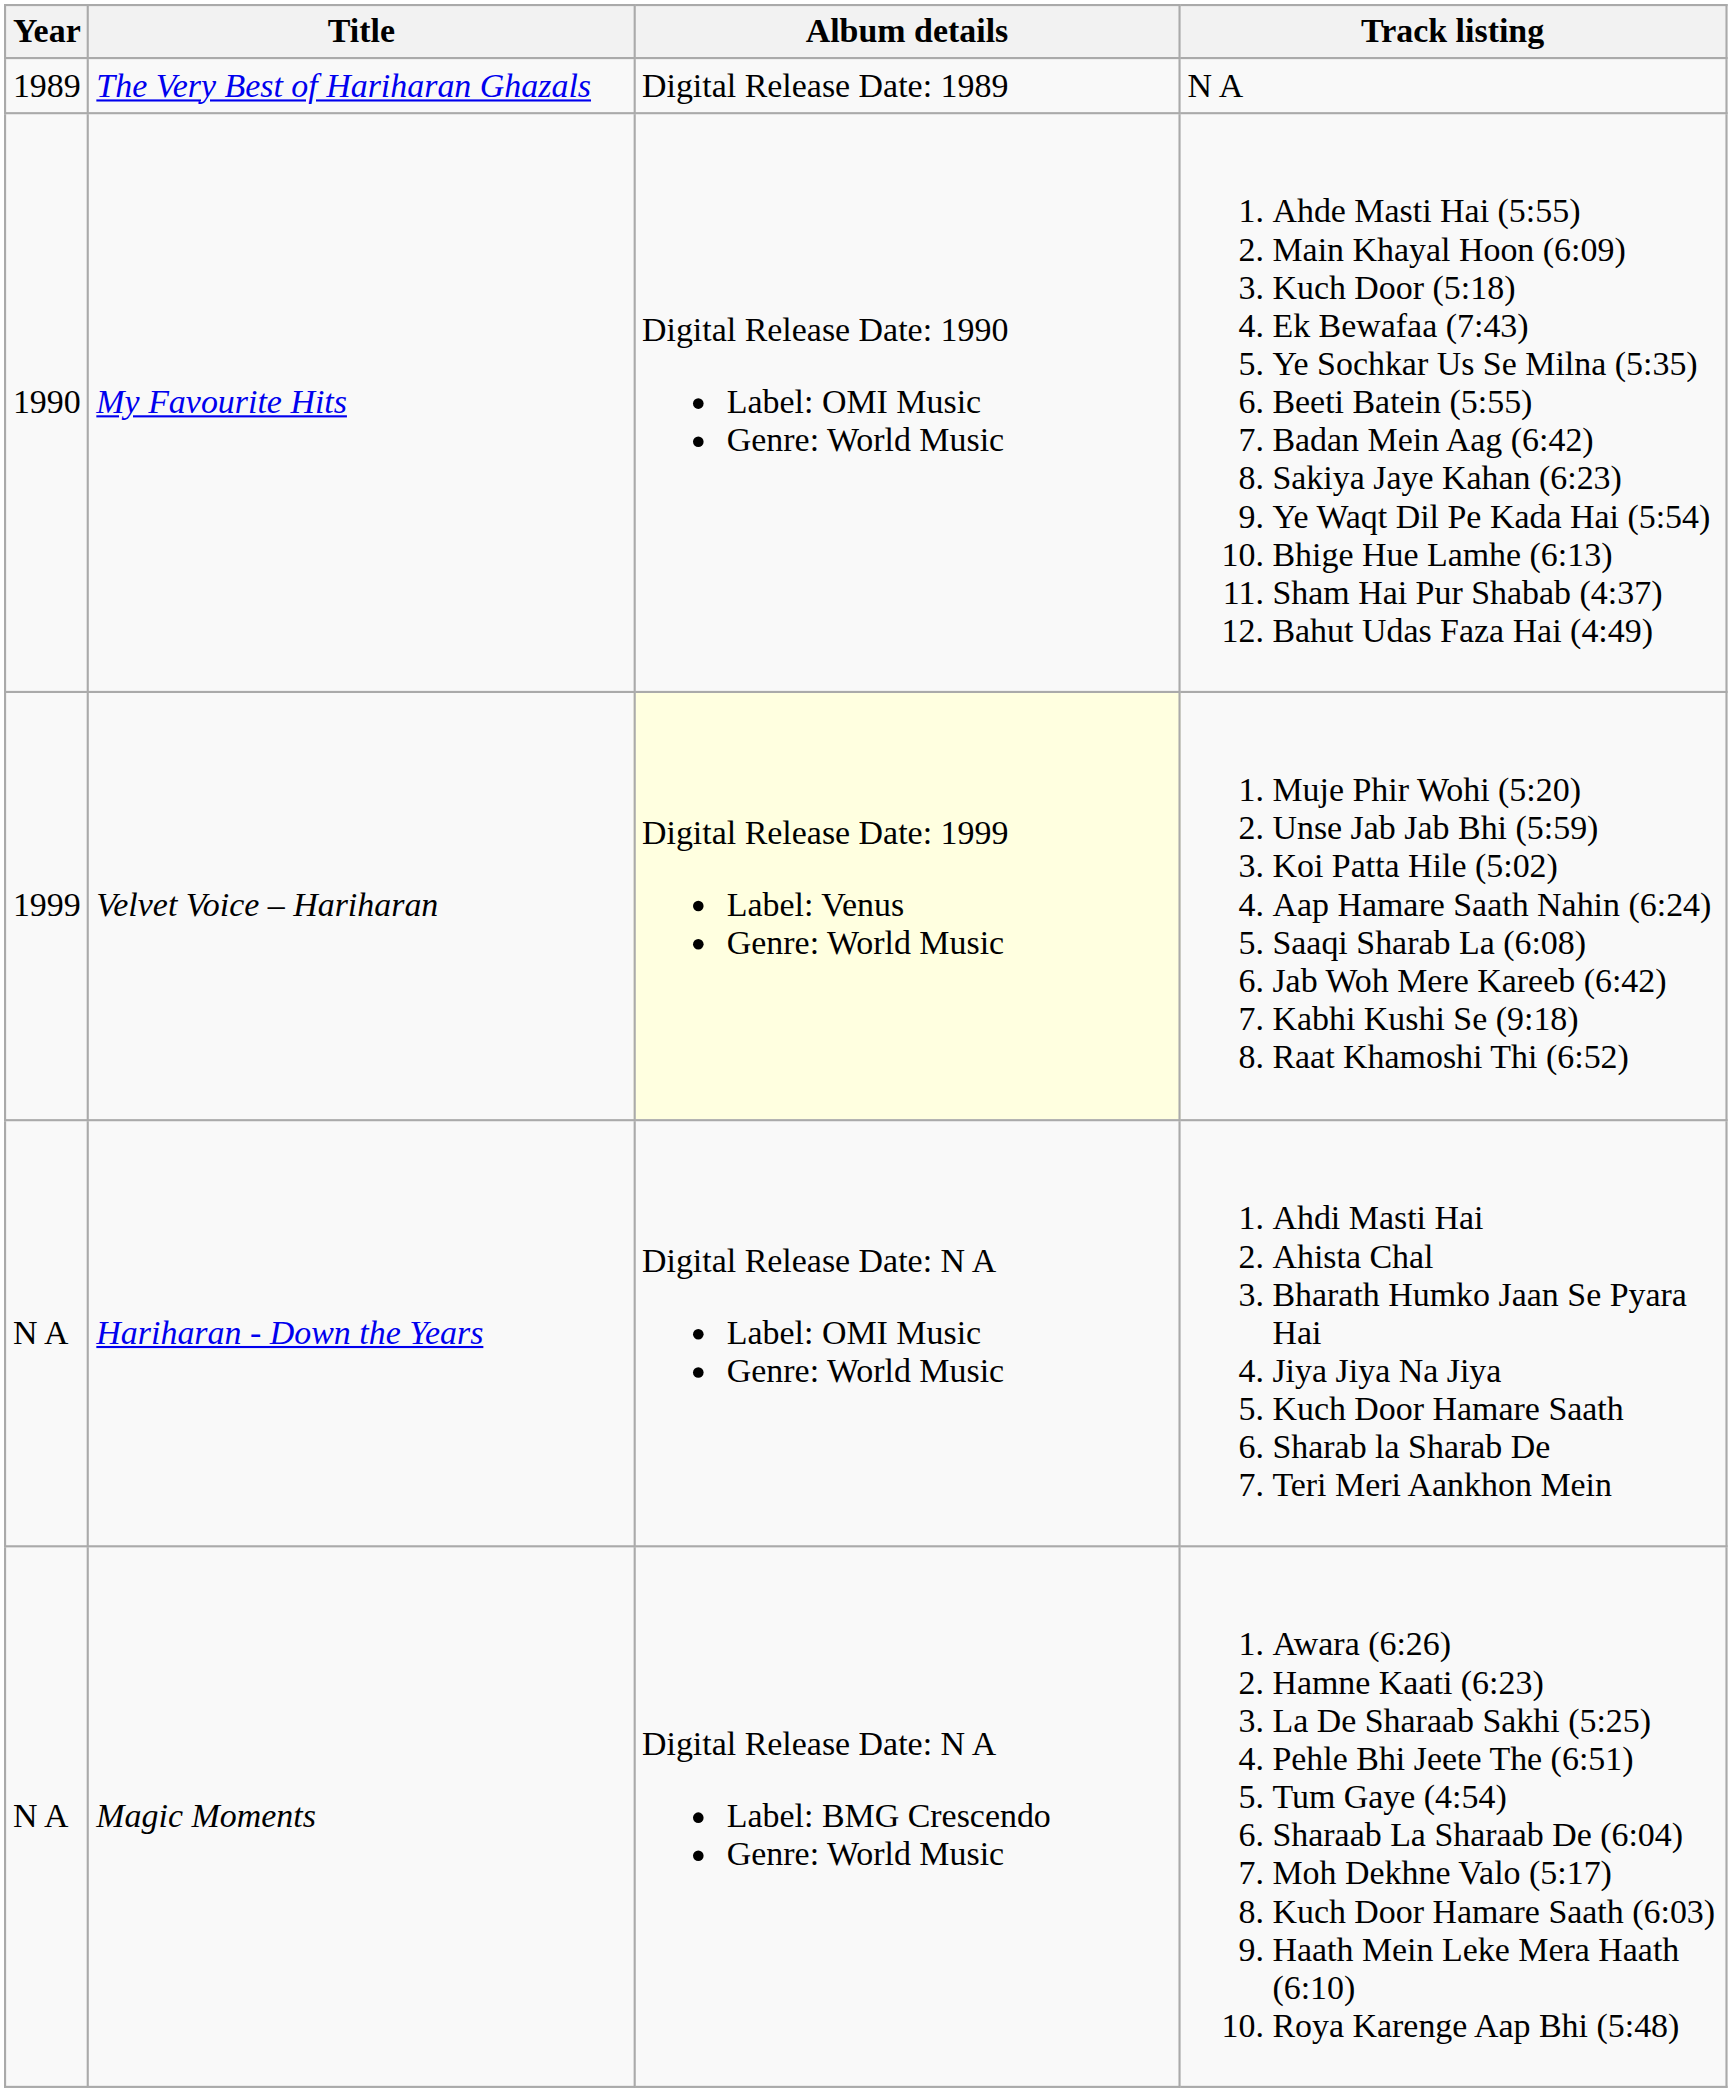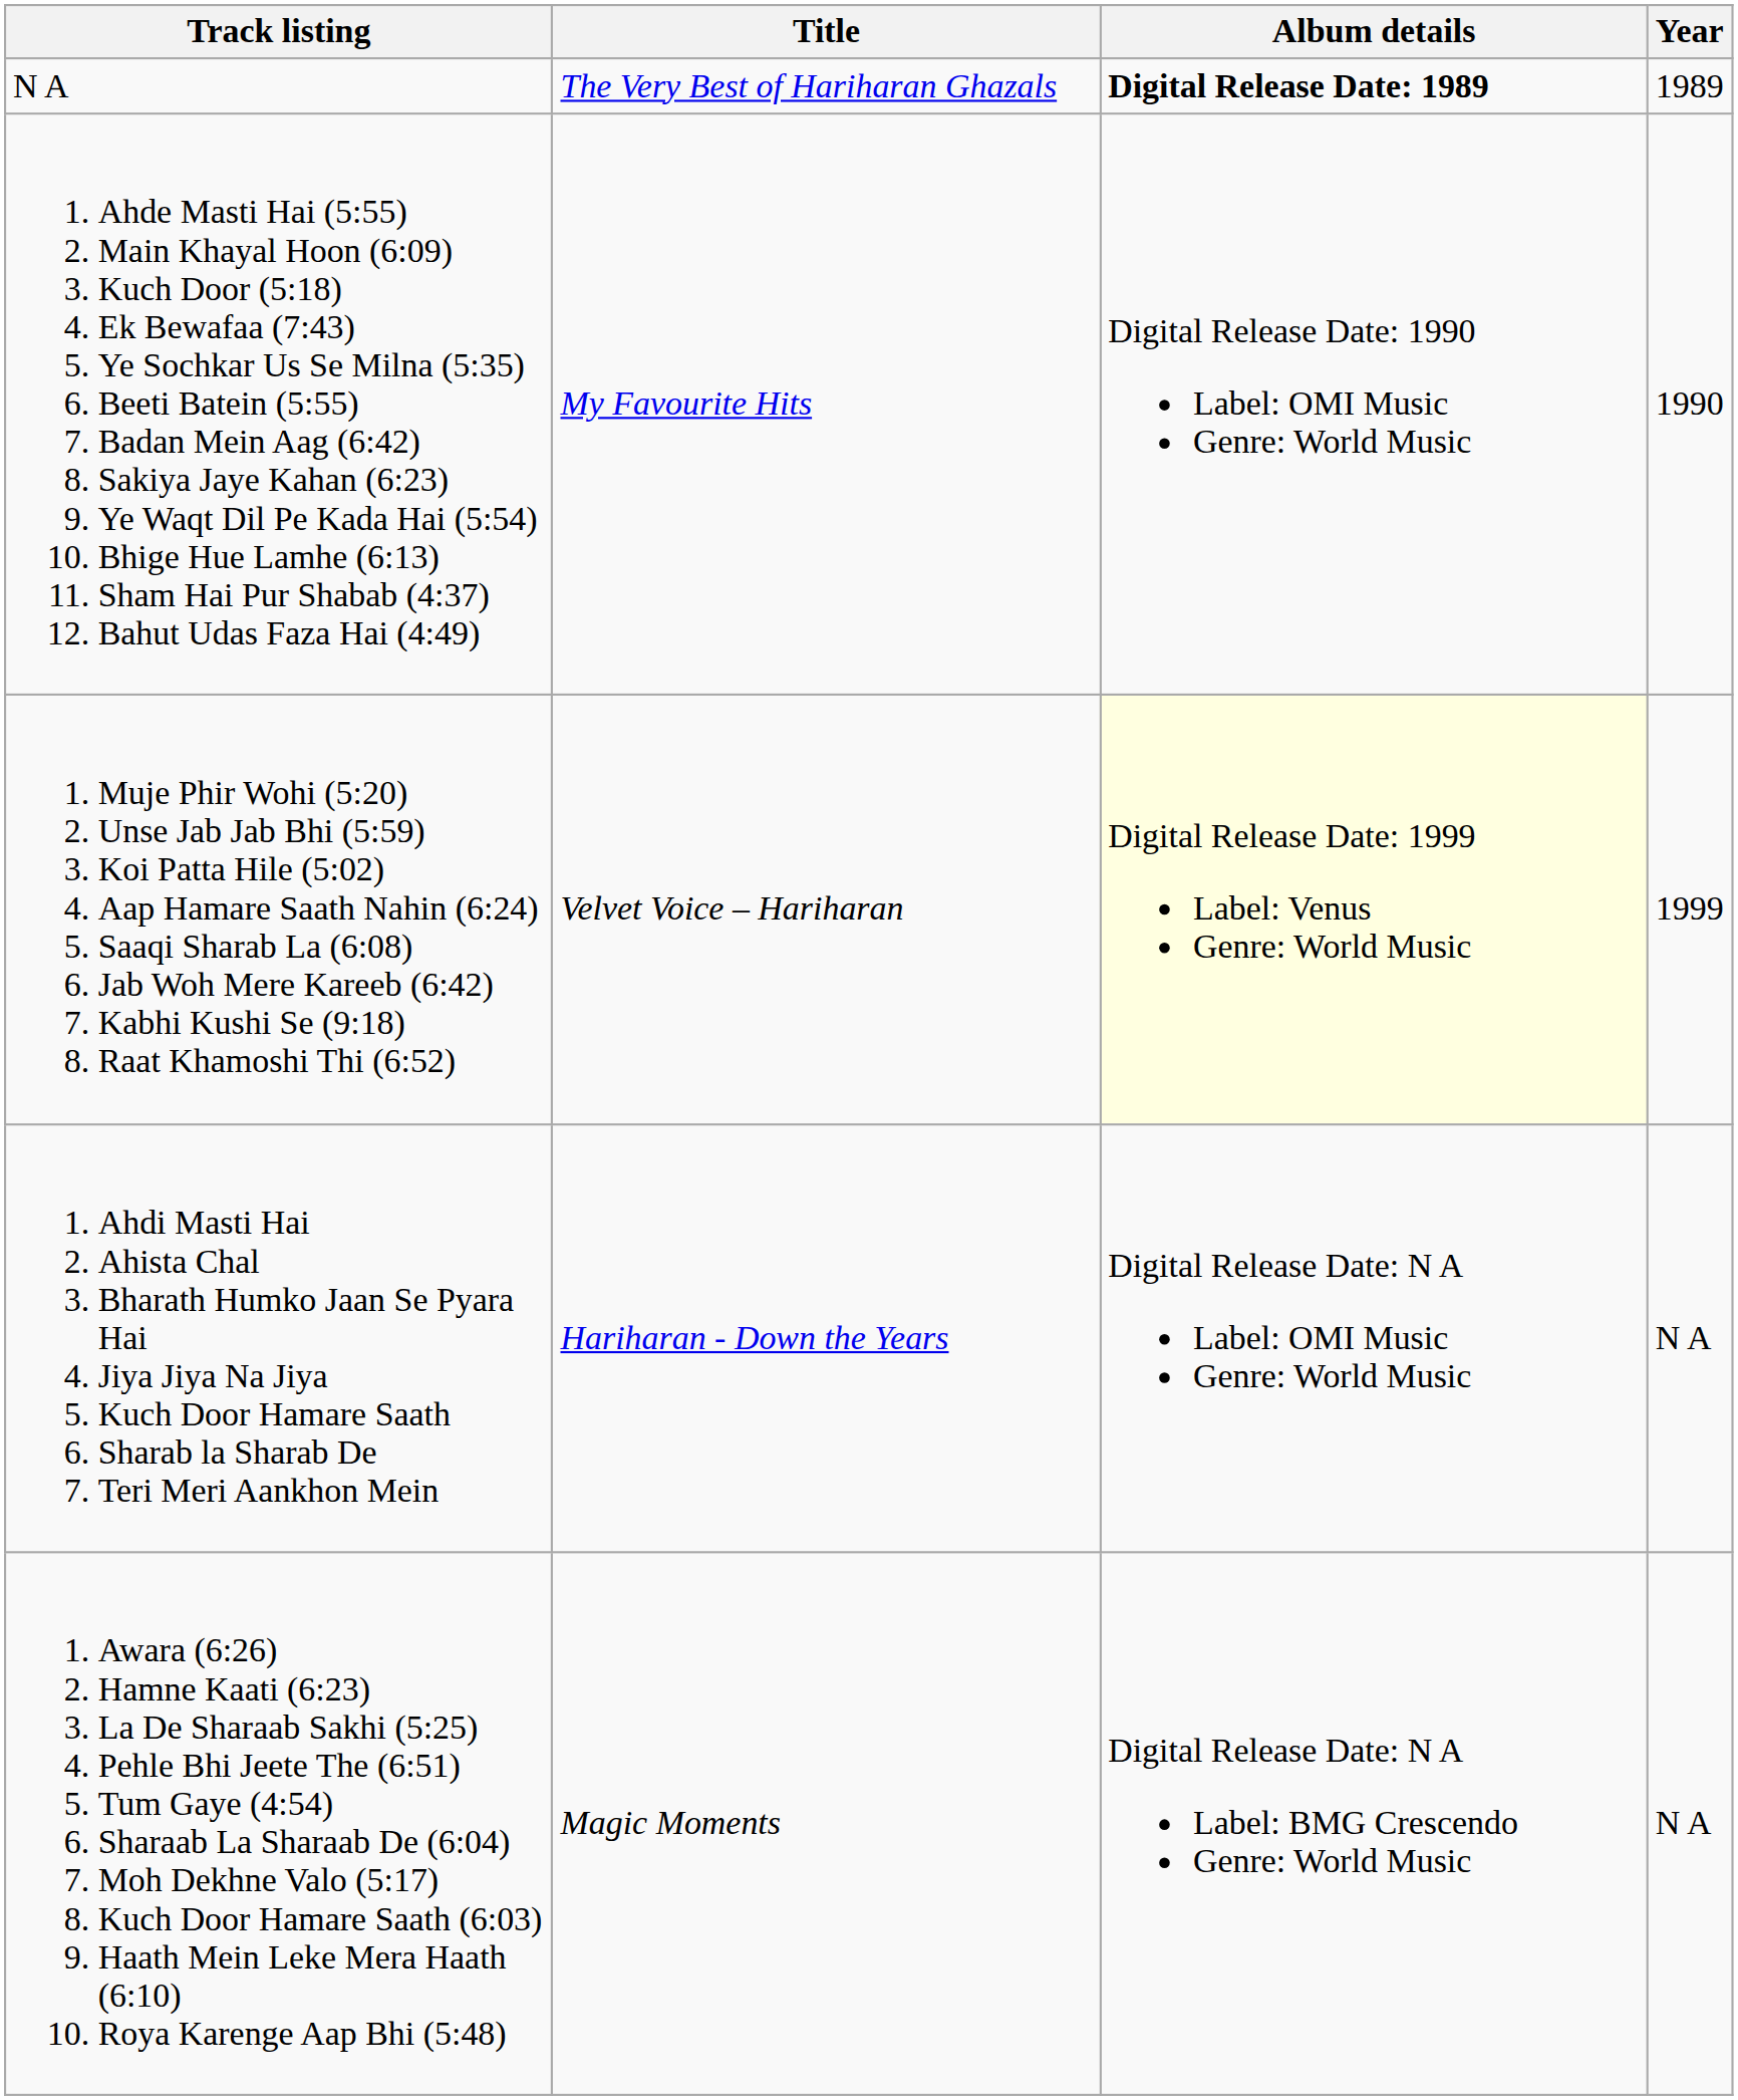 <table class="wikitable">
 <tr>
-<th rowspan="">Year</th>
+<th rowspan="" style="width:250px;">Track listing</th>
 <th rowspan="" style="width:250px;">Title</th>
 <th rowspan="" style="width:250px;">Album details</th>
-<th rowspan="" style="width:250px;">Track listing</th>
+<th rowspan="">Year</th>
 </tr>
 <tr>
+<td>N A</td>
+<td><em><a href='#'>The Very Best of Hariharan Ghazals</a></em></td>
+<td><strong>Digital Release Date: 1989</strong></td>
 <td>1989</td>
-<td><em><a href='#'>The Very Best of Hariharan Ghazals</a></em></td>
-<td>Digital Release Date: 1989</td>
+</tr>
+<tr>
+<td><br><ol><li>Ahde Masti Hai (5:55)</li><li>Main Khayal Hoon (6:09)</li><li>Kuch Door (5:18)</li><li>Ek Bewafaa (7:43)</li><li>Ye Sochkar Us Se Milna (5:35)</li><li>Beeti Batein (5:55)</li><li>Badan Mein Aag (6:42)</li><li>Sakiya Jaye Kahan (6:23)</li><li>Ye Waqt Dil Pe Kada Hai (5:54)</li><li>Bhige Hue Lamhe (6:13)</li><li>Sham Hai Pur Shabab (4:37)</li><li>Bahut Udas Faza Hai (4:49)</li></ol></td>
+<td><em><a href='#'>My Favourite Hits</a></em></td>
+<td>Digital Release Date: 1990<br><ul><li>Label: OMI Music</li><li>Genre: World Music</li></ul></td>
+<td>1990</td>
+</tr>
+<tr>
+<td><br><ol><li>Muje Phir Wohi (5:20)</li><li>Unse Jab Jab Bhi (5:59)</li><li>Koi Patta Hile (5:02)</li><li>Aap Hamare Saath Nahin (6:24)</li><li>Saaqi Sharab La (6:08)</li><li>Jab Woh Mere Kareeb (6:42)</li><li>Kabhi Kushi Se (9:18)</li><li>Raat Khamoshi Thi (6:52)</li></ol></td>
+<td><em>Velvet Voice – Hariharan</em></td>
+<td style="background: lightyellow;">Digital Release Date: 1999<br><ul><li>Label: Venus</li><li>Genre: World Music</li></ul></td>
+<td>1999</td>
+</tr>
+<tr>
+<td><br><ol><li>Ahdi Masti Hai</li><li>Ahista Chal</li><li>Bharath Humko Jaan Se Pyara Hai</li><li>Jiya Jiya Na Jiya</li><li>Kuch Door Hamare Saath</li><li>Sharab la Sharab De</li><li>Teri Meri Aankhon Mein</li></ol></td>
+<td><em><a href='#'>Hariharan - Down the Years</a></em></td>
+<td>Digital Release Date: N A<br><ul><li>Label: OMI Music</li><li>Genre: World Music</li></ul></td>
 <td>N A</td>
 </tr>
 <tr>
-<td>1990</td>
-<td><em><a href='#'>My Favourite Hits</a></em></td>
-<td>Digital Release Date: 1990<br><ul><li>Label: OMI Music</li><li>Genre: World Music</li></ul></td>
-<td><br><ol><li>Ahde Masti Hai (5:55)</li><li>Main Khayal Hoon (6:09)</li><li>Kuch Door (5:18)</li><li>Ek Bewafaa (7:43)</li><li>Ye Sochkar Us Se Milna (5:35)</li><li>Beeti Batein (5:55)</li><li>Badan Mein Aag (6:42)</li><li>Sakiya Jaye Kahan (6:23)</li><li>Ye Waqt Dil Pe Kada Hai (5:54)</li><li>Bhige Hue Lamhe (6:13)</li><li>Sham Hai Pur Shabab (4:37)</li><li>Bahut Udas Faza Hai (4:49)</li></ol></td>
-</tr>
-<tr>
-<td>1999</td>
-<td><em>Velvet Voice – Hariharan</em></td>
-<td style="background: lightyellow;">Digital Release Date: 1999<br><ul><li>Label: Venus</li><li>Genre: World Music</li></ul></td>
-<td><br><ol><li>Muje Phir Wohi (5:20)</li><li>Unse Jab Jab Bhi (5:59)</li><li>Koi Patta Hile (5:02)</li><li>Aap Hamare Saath Nahin (6:24)</li><li>Saaqi Sharab La (6:08)</li><li>Jab Woh Mere Kareeb (6:42)</li><li>Kabhi Kushi Se (9:18)</li><li>Raat Khamoshi Thi (6:52)</li></ol></td>
-</tr>
-<tr>
-<td>N A</td>
-<td><em><a href='#'>Hariharan - Down the Years</a></em></td>
-<td>Digital Release Date: N A<br><ul><li>Label: OMI Music</li><li>Genre: World Music</li></ul></td>
-<td><br><ol><li>Ahdi Masti Hai</li><li>Ahista Chal</li><li>Bharath Humko Jaan Se Pyara Hai</li><li>Jiya Jiya Na Jiya</li><li>Kuch Door Hamare Saath</li><li>Sharab la Sharab De</li><li>Teri Meri Aankhon Mein</li></ol></td>
-</tr>
-<tr>
-<td>N A</td>
+<td><br><ol><li>Awara (6:26)</li><li>Hamne Kaati (6:23)</li><li>La De Sharaab Sakhi (5:25)</li><li>Pehle Bhi Jeete The (6:51)</li><li>Tum Gaye (4:54)</li><li>Sharaab La Sharaab De (6:04)</li><li>Moh Dekhne Valo (5:17)</li><li>Kuch Door Hamare Saath (6:03)</li><li>Haath Mein Leke Mera Haath (6:10)</li><li>Roya Karenge Aap Bhi (5:48)</li></ol></td>
 <td><em>Magic Moments</em></td>
 <td>Digital Release Date: N A<br><ul><li>Label: BMG Crescendo</li><li>Genre: World Music</li></ul></td>
-<td><br><ol><li>Awara (6:26)</li><li>Hamne Kaati (6:23)</li><li>La De Sharaab Sakhi (5:25)</li><li>Pehle Bhi Jeete The (6:51)</li><li>Tum Gaye (4:54)</li><li>Sharaab La Sharaab De (6:04)</li><li>Moh Dekhne Valo (5:17)</li><li>Kuch Door Hamare Saath (6:03)</li><li>Haath Mein Leke Mera Haath (6:10)</li><li>Roya Karenge Aap Bhi (5:48)</li></ol></td>
+<td>N A</td>
 </tr>
 </table>
